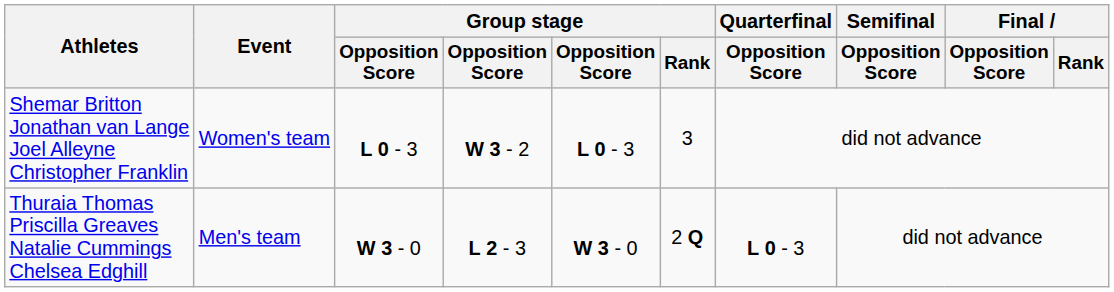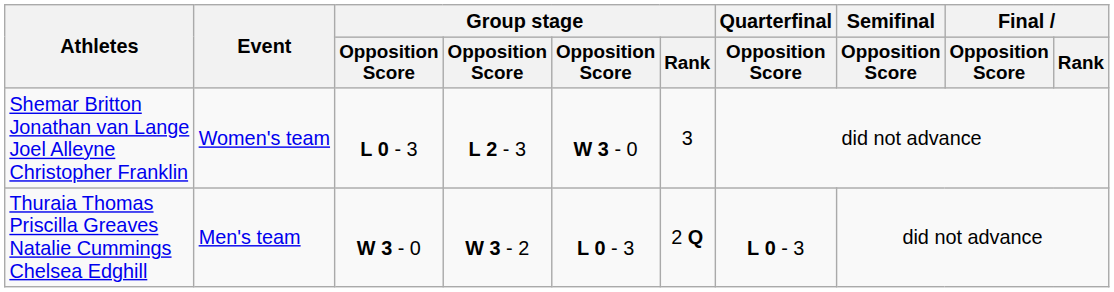 <table class=wikitable style=font-size:88%;text-align:center>
 <tr>
 <th rowspan=2>Athletes</th>
 <th rowspan=2>Event</th>
 <th colspan=4>Group stage</th>
 <th>Quarterfinal</th>
 <th>Semifinal</th>
 <th colspan=2>Final / </th>
 </tr>
 <tr style=font-size:95%>
 <th>Opposition<br>Score</th>
 <th>Opposition<br>Score</th>
 <th>Opposition<br>Score</th>
 <th>Rank</th>
 <th>Opposition<br>Score</th>
 <th>Opposition<br>Score</th>
 <th>Opposition<br>Score</th>
 <th>Rank</th>
 </tr>
 <tr>
 <td align=left><a href='#'>Shemar Britton</a> <br> <a href='#'>Jonathan van Lange</a> <br> <a href='#'>Joel Alleyne</a> <br><a href='#'>Christopher Franklin</a></td>
 <td align=left><a href='#'>Women's team</a></td>
 <td><br><strong>L</strong> <strong>0</strong> - 3</td>
-<td><br><strong>W</strong> <strong>3</strong> - 2</td>
-<td><br><strong>L</strong> <strong>0</strong> - 3</td>
+<td><br><strong>L</strong> <strong>2</strong> - 3</td>
+<td><br><strong>W</strong> <strong>3</strong> - 0</td>
 <td>3</td>
 <td colspan=4>did not advance</td>
 </tr>
 <tr>
 <td align=left><a href='#'>Thuraia Thomas</a> <br> <a href='#'>Priscilla Greaves</a> <br><a href='#'>Natalie Cummings</a> <br><a href='#'>Chelsea Edghill</a></td>
 <td align=left><a href='#'>Men's team</a></td>
 <td><br><strong>W</strong> <strong>3</strong> - 0</td>
-<td><br><strong>L</strong> <strong>2</strong> - 3</td>
-<td><br><strong>W</strong> <strong>3</strong> - 0</td>
+<td><br><strong>W</strong> <strong>3</strong> - 2</td>
+<td><br><strong>L</strong> <strong>0</strong> - 3</td>
 <td>2 <strong>Q</strong></td>
 <td><br><strong>L</strong> <strong>0</strong> - 3</td>
 <td colspan=3>did not advance</td>
 </tr>
 </table>
